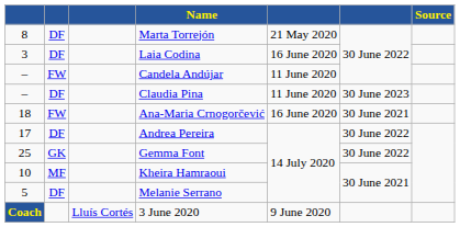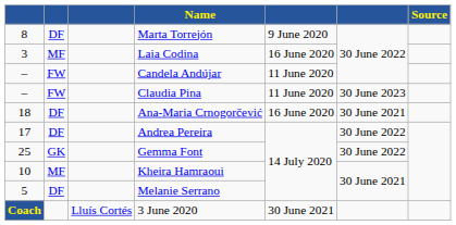 <table class="wikitable">
 <tr>
 <th style="background:#26559B; color:#FFF000; "></th>
 <th style="background:#26559B; color:#FFF000; "></th>
 <th style="background:#26559B; color:#FFF000; "></th>
 <th style="background:#26559B; color:#FFF000; "><strong>Name</strong></th>
 <th style="background:#26559B; color:#FFF000; "></th>
 <th style="background:#26559B; color:#FFF000; "></th>
 <th style="background:#26559B; color:#FFF000; "><strong>Source</strong></th>
 </tr>
 <tr>
 <td style="text-align:center;">8</td>
 <td style="text-align:center;"><a href='#'>DF</a></td>
 <td style="text-align:center;"></td>
 <td><a href='#'>Marta Torrejón</a></td>
-<td>21 May 2020</td>
+<td>9 June 2020</td>
 <td rowspan="3">30 June 2022</td>
 <td style="text-align:center;"></td>
 </tr>
 <tr>
 <td style="text-align:center;">3</td>
-<td style="text-align:center;"><a href='#'>DF</a></td>
+<td style="text-align:center;"><a href='#'>MF</a></td>
 <td style="text-align:center;"></td>
 <td><a href='#'>Laia Codina</a></td>
 <td>16 June 2020</td>
 <td style="text-align:center;"></td>
 </tr>
 <tr>
 <td style="text-align:center;">–</td>
 <td style="text-align:center;"><a href='#'>FW</a></td>
 <td style="text-align:center;"></td>
 <td><a href='#'>Candela Andújar</a></td>
 <td>11 June 2020</td>
 <td style="text-align:center;"></td>
 </tr>
 <tr>
 <td style="text-align:center;">–</td>
-<td style="text-align:center;"><a href='#'>DF</a></td>
+<td style="text-align:center;"><a href='#'>FW</a></td>
 <td style="text-align:center;"></td>
 <td><a href='#'>Claudia Pina</a></td>
 <td>11 June 2020</td>
 <td>30 June 2023</td>
 <td style="text-align:center;"></td>
 </tr>
 <tr>
 <td style="text-align:center;">18</td>
-<td style="text-align:center;"><a href='#'>FW</a></td>
+<td style="text-align:center;"><a href='#'>DF</a></td>
 <td style="text-align:center;"></td>
 <td><a href='#'>Ana-Maria Crnogorčević</a></td>
 <td>16 June 2020</td>
 <td>30 June 2021</td>
 <td style="text-align:center;"></td>
 </tr>
 <tr>
 <td style="text-align:center;">17</td>
 <td style="text-align:center;"><a href='#'>DF</a></td>
 <td style="text-align:center;"></td>
 <td><a href='#'>Andrea Pereira</a></td>
 <td rowspan="4">14 July 2020</td>
 <td>30 June 2022</td>
 <td rowspan="4" style="text-align:center;"></td>
 </tr>
 <tr>
 <td style="text-align:center;">25</td>
 <td style="text-align:center;"><a href='#'>GK</a></td>
 <td style="text-align:center;"></td>
 <td><a href='#'>Gemma Font</a></td>
 <td>30 June 2022</td>
 </tr>
 <tr>
 <td style="text-align:center;">10</td>
 <td style="text-align:center;"><a href='#'>MF</a></td>
 <td style="text-align:center;"></td>
 <td><a href='#'>Kheira Hamraoui</a></td>
 <td rowspan="2">30 June 2021</td>
 </tr>
 <tr>
 <td style="text-align:center;">5</td>
 <td style="text-align:center;"><a href='#'>DF</a></td>
 <td style="text-align:center;"></td>
 <td><a href='#'>Melanie Serrano</a></td>
 </tr>
 <tr>
 <th style="background:#26559B; color:#FFF000; ">Coach</th>
 <td style="text-align:center;"></td>
 <td><a href='#'>Lluís Cortés</a></td>
 <td>3 June 2020</td>
-<td>9 June 2020</td>
+<td>30 June 2021</td>
 <td style="text-align:center;"></td>
 </tr>
 </table>
